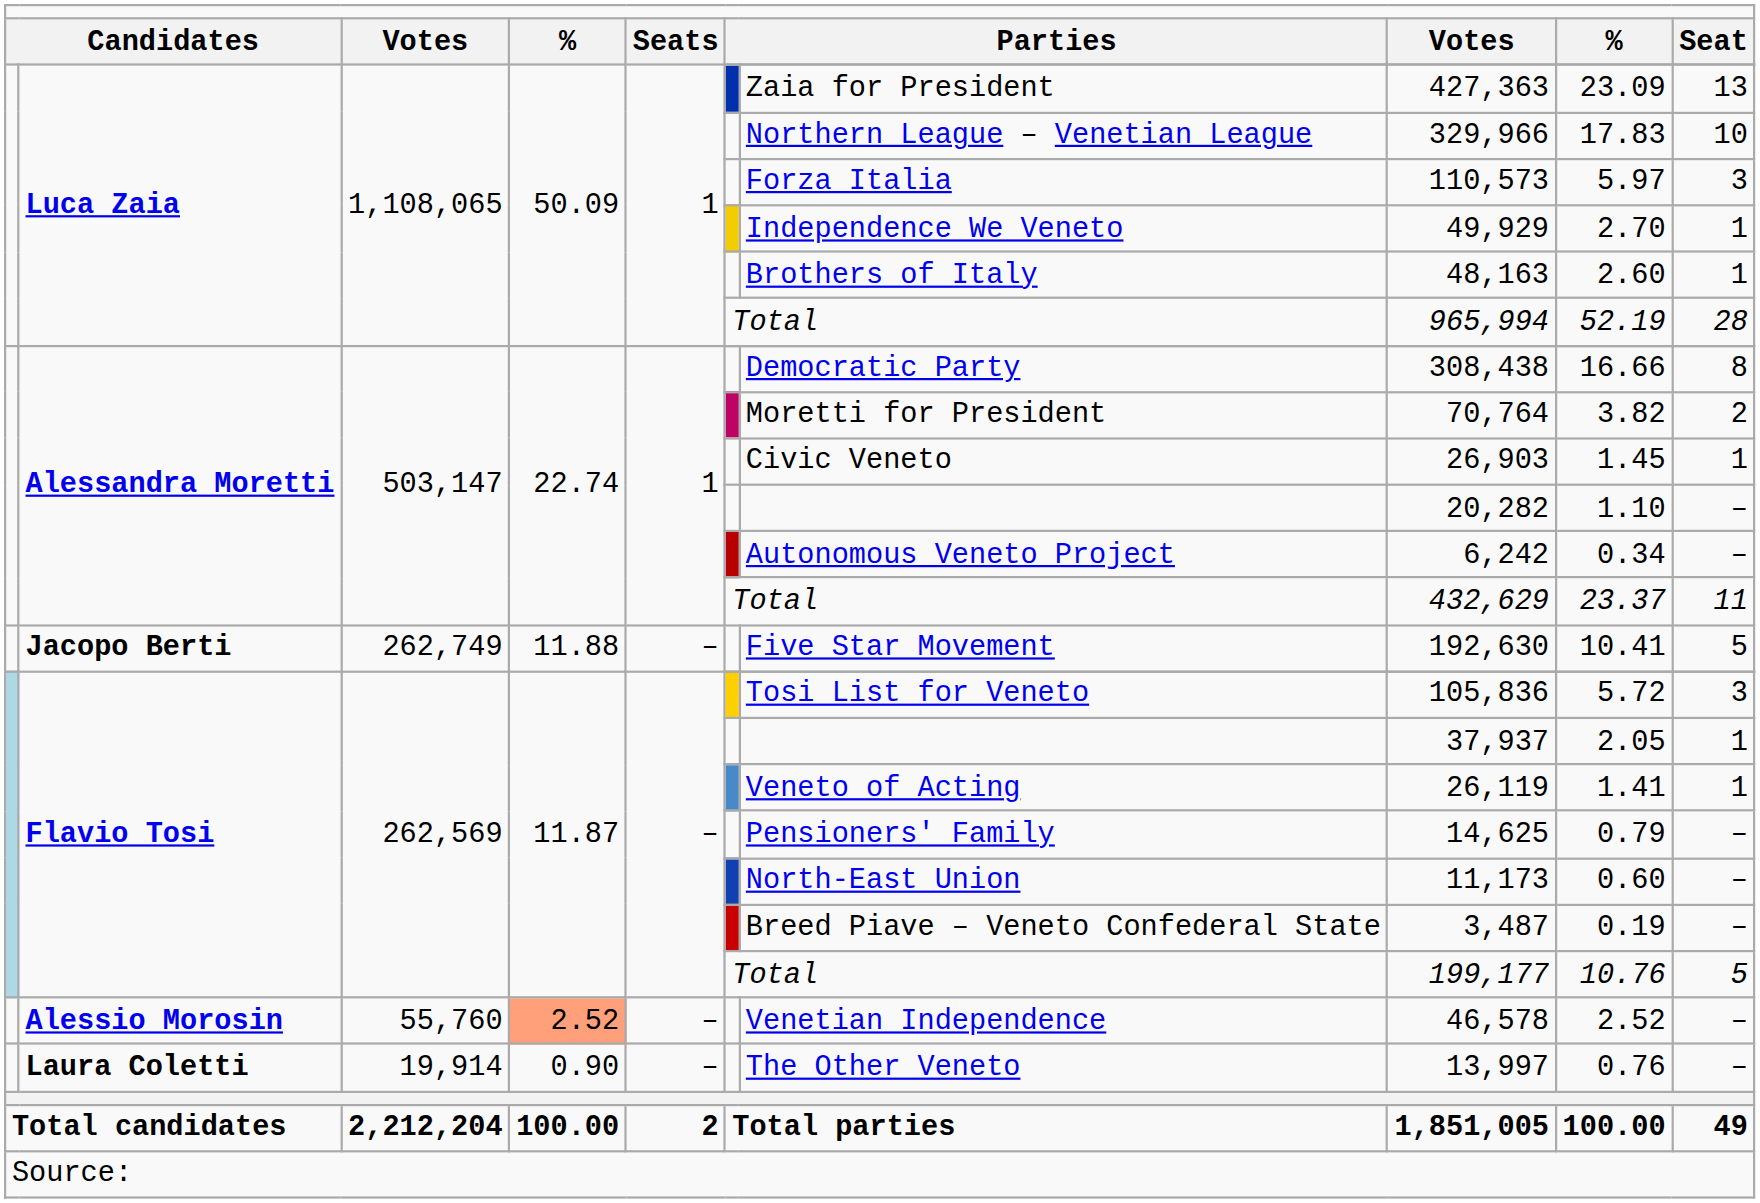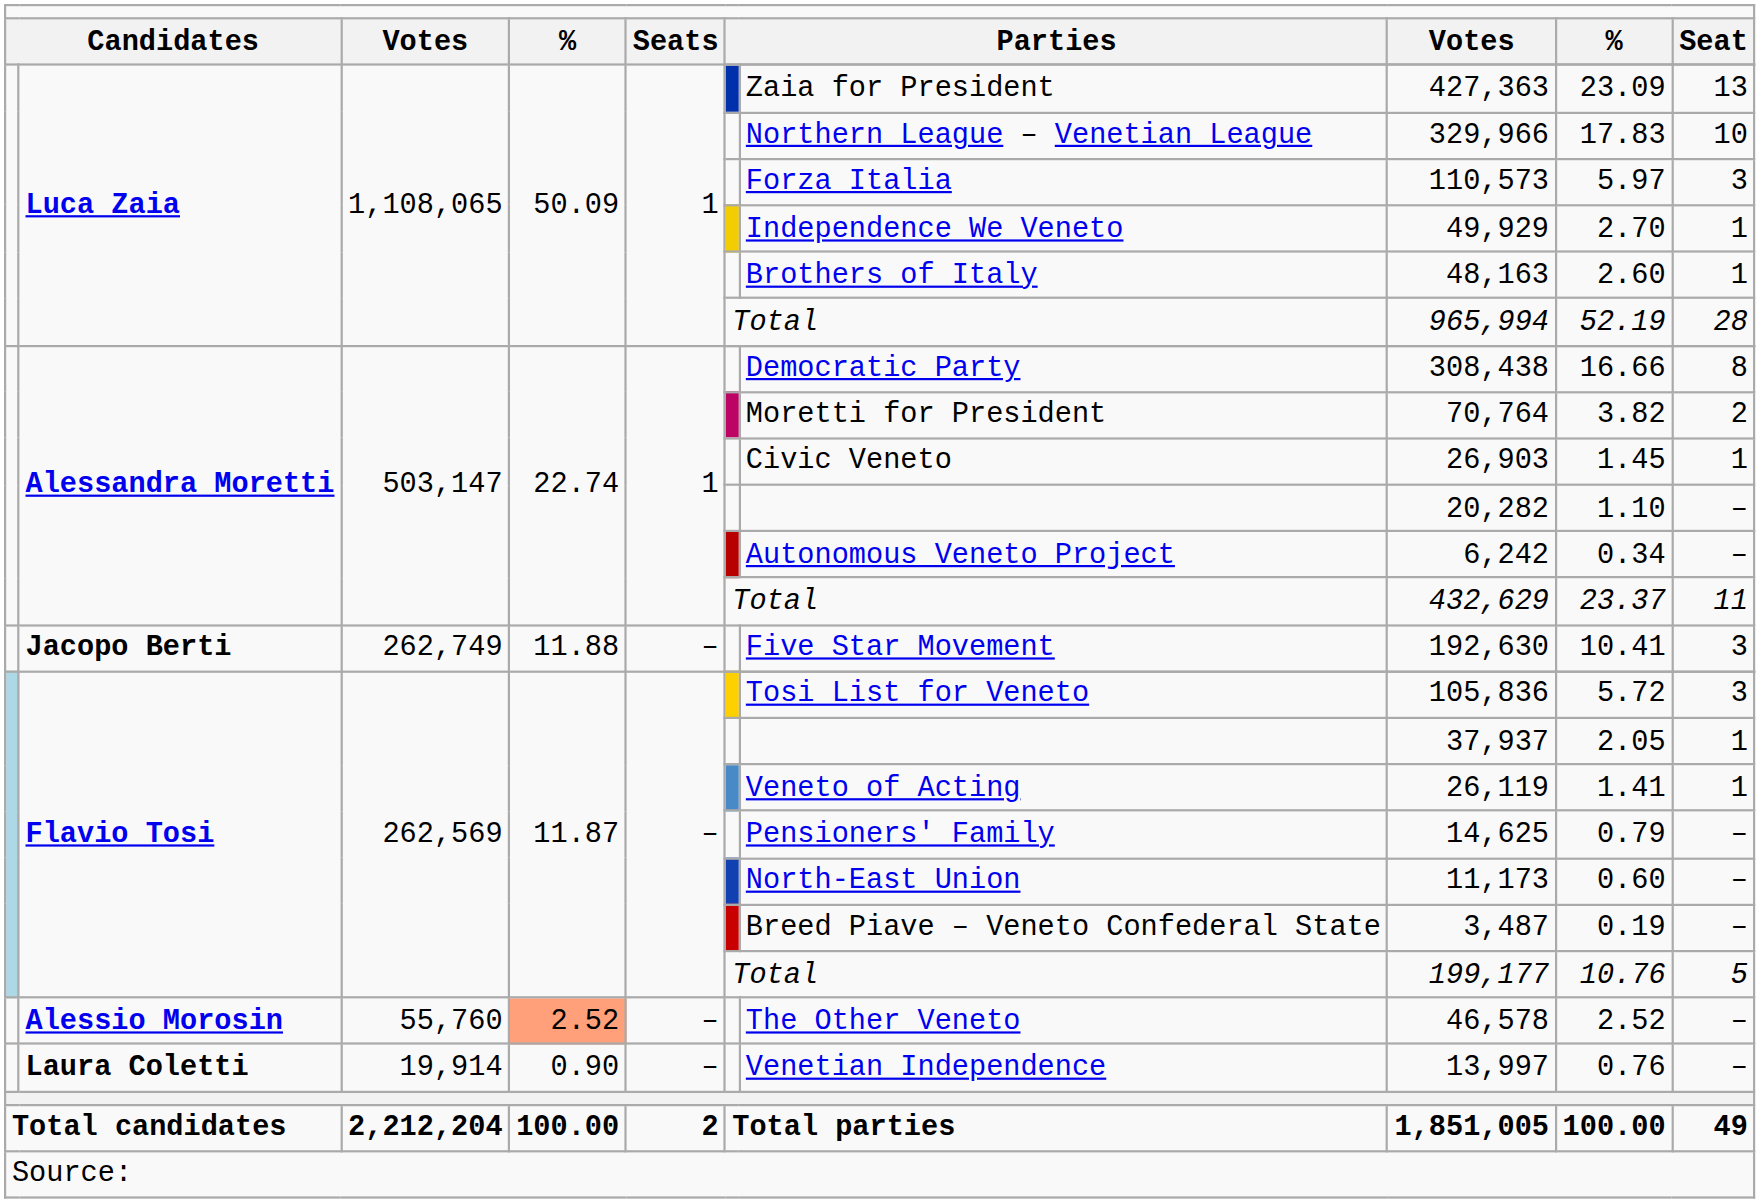 <table class="wikitable">
 <tr>
 <td colspan=10></td>
 </tr>
 <tr>
 <th colspan=2>Candidates</th>
 <th>Votes</th>
 <th>%</th>
 <th>Seats</th>
 <th colspan=2>Parties</th>
 <th>Votes</th>
 <th>%</th>
 <th>Seat</th>
 </tr>
 <tr>
 <td rowspan="7"></td>
 <td rowspan="7"><strong><a href='#'>Luca Zaia</a></strong></td>
 <td rowspan="7" align=right>1,108,065</td>
 <td rowspan="7" align=right>50.09</td>
 <td rowspan="7" align=right>1</td>
 </tr>
 <tr>
 <td bgcolor="#0030AB"></td>
 <td align="left">Zaia for President</td>
 <td align=right>427,363</td>
 <td align=right>23.09</td>
 <td align=right>13</td>
 </tr>
 <tr>
 <td></td>
 <td align="left"><a href='#'>Northern League</a> – <a href='#'>Venetian League</a></td>
 <td align=right>329,966</td>
 <td align=right>17.83</td>
 <td align=right>10</td>
 </tr>
 <tr>
 <td></td>
 <td align="left"><a href='#'>Forza Italia</a></td>
 <td align=right>110,573</td>
 <td align=right>5.97</td>
 <td align=right>3</td>
 </tr>
 <tr>
 <td style="background:#F2CD01"></td>
 <td align="left"><a href='#'>Independence We Veneto</a></td>
 <td align=right>49,929</td>
 <td align=right>2.70</td>
 <td align=right>1</td>
 </tr>
 <tr>
 <td></td>
 <td align="left"><a href='#'>Brothers of Italy</a></td>
 <td align=right>48,163</td>
 <td align=right>2.60</td>
 <td align=right>1</td>
 </tr>
 <tr>
 <td colspan=2><em>Total</em></td>
 <td align=right><em>965,994</em></td>
 <td align=right><em>52.19</em></td>
 <td align=right><em>28</em></td>
 </tr>
 <tr>
 <td rowspan="7"></td>
 <td rowspan="7"><strong><a href='#'>Alessandra Moretti</a></strong></td>
 <td rowspan="7" align=right>503,147</td>
 <td rowspan="7" align=right>22.74</td>
 <td rowspan="7" align=right>1</td>
 </tr>
 <tr>
 <td></td>
 <td align="left"><a href='#'>Democratic Party</a></td>
 <td align=right>308,438</td>
 <td align=right>16.66</td>
 <td align=right>8</td>
 </tr>
 <tr>
 <td style="background:#BD0464;"></td>
 <td align="left">Moretti for President</td>
 <td align=right>70,764</td>
 <td align=right>3.82</td>
 <td align=right>2</td>
 </tr>
 <tr>
 <td></td>
 <td align="left">Civic Veneto</td>
 <td align=right>26,903</td>
 <td align=right>1.45</td>
 <td align=right>1</td>
 </tr>
 <tr>
 <td></td>
 <td align="left"></td>
 <td align=right>20,282</td>
 <td align=right>1.10</td>
 <td align=right>–</td>
 </tr>
 <tr>
 <td style="background:#b80000;"></td>
 <td align="left"><a href='#'>Autonomous Veneto Project</a></td>
 <td align=right>6,242</td>
 <td align=right>0.34</td>
 <td align=right>–</td>
 </tr>
 <tr>
 <td colspan=2><em>Total</em></td>
 <td align=right><em>432,629</em></td>
 <td align=right><em>23.37</em></td>
 <td align=right><em>11</em></td>
 </tr>
 <tr>
 <td></td>
 <td><strong>Jacopo Berti</strong></td>
 <td align=right>262,749</td>
 <td align=right>11.88</td>
 <td align=right>–</td>
 <td></td>
 <td><a href='#'>Five Star Movement</a></td>
 <td align=right>192,630</td>
 <td align=right>10.41</td>
-<td align=right>5</td>
+<td align=right>3</td>
 </tr>
 <tr>
 <td rowspan="8" bgcolor="lightblue"></td>
 <td rowspan="8"><strong><a href='#'>Flavio Tosi</a></strong></td>
 <td rowspan="8" align=right>262,569</td>
 <td rowspan="8" align=right>11.87</td>
 <td rowspan="8" align=right>–</td>
 </tr>
 <tr>
 <td bgcolor="#FFD000"></td>
 <td align="left"><a href='#'>Tosi List for Veneto</a></td>
 <td align=right>105,836</td>
 <td align=right>5.72</td>
 <td align=right>3</td>
 </tr>
 <tr>
 <td></td>
 <td align="left"></td>
 <td align=right>37,937</td>
 <td align=right>2.05</td>
 <td align=right>1</td>
 </tr>
 <tr>
 <td bgcolor="#488AC7"></td>
 <td align="left"><a href='#'>Veneto of Acting</a></td>
 <td align=right>26,119</td>
 <td align=right>1.41</td>
 <td align=right>1</td>
 </tr>
 <tr>
 <td></td>
 <td align="left"><a href='#'>Pensioners' Family</a></td>
 <td align=right>14,625</td>
 <td align=right>0.79</td>
 <td align=right>–</td>
 </tr>
 <tr>
 <td bgcolor="#1140B3"></td>
 <td align="left"><a href='#'>North-East Union</a></td>
 <td align=right>11,173</td>
 <td align=right>0.60</td>
 <td align=right>–</td>
 </tr>
 <tr>
 <td bgcolor="#C80000;"></td>
 <td align="left">Breed Piave – Veneto Confederal State</td>
 <td align=right>3,487</td>
 <td align=right>0.19</td>
 <td align=right>–</td>
 </tr>
 <tr>
 <td colspan=2><em>Total</em></td>
 <td align=right><em>199,177</em></td>
 <td align=right><em>10.76</em></td>
 <td align=right><em>5</em></td>
 </tr>
 <tr>
 <td></td>
 <td><strong><a href='#'>Alessio Morosin</a></strong></td>
 <td align=right>55,760</td>
 <td align=right style="background: lightsalmon;">2.52</td>
 <td align=right>–</td>
 <td style="background:"></td>
-<td align="left"><a href='#'>Venetian Independence</a></td>
+<td align="left"><a href='#'>The Other Veneto</a></td>
 <td align=right>46,578</td>
 <td align=right>2.52</td>
 <td align=right>–</td>
 </tr>
 <tr>
 <td></td>
 <td><strong>Laura Coletti</strong></td>
 <td align=right>19,914</td>
 <td align=right>0.90</td>
 <td align=right>–</td>
 <td></td>
-<td align="left"><a href='#'>The Other Veneto</a></td>
+<td align="left"><a href='#'>Venetian Independence</a></td>
 <td align=right>13,997</td>
 <td align=right>0.76</td>
 <td align=right>–</td>
 </tr>
 <tr>
 <th colspan=10></th>
 </tr>
 <tr>
 <td colspan=2><strong>Total candidates</strong></td>
 <td align=right><strong>2,212,204</strong></td>
 <td align=right><strong>100.00</strong></td>
 <td align=right><strong>2</strong></td>
 <td colspan=2><strong>Total parties</strong></td>
 <td align=right><strong>1,851,005</strong></td>
 <td align=right><strong>100.00</strong></td>
 <td align=right><strong>49</strong></td>
 </tr>
 <tr>
 <td colspan=10>Source: </td>
 </tr>
 </table>
